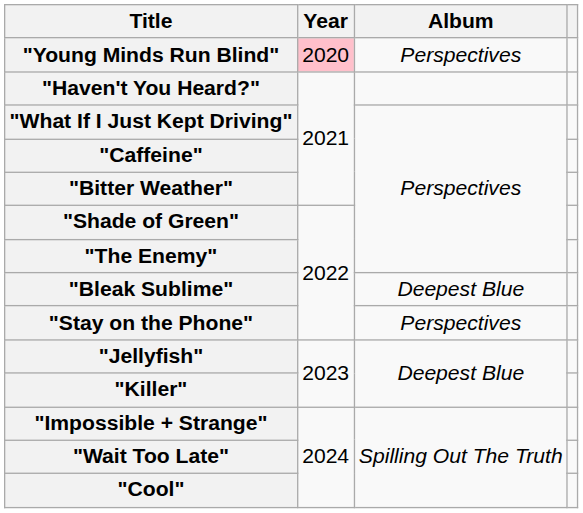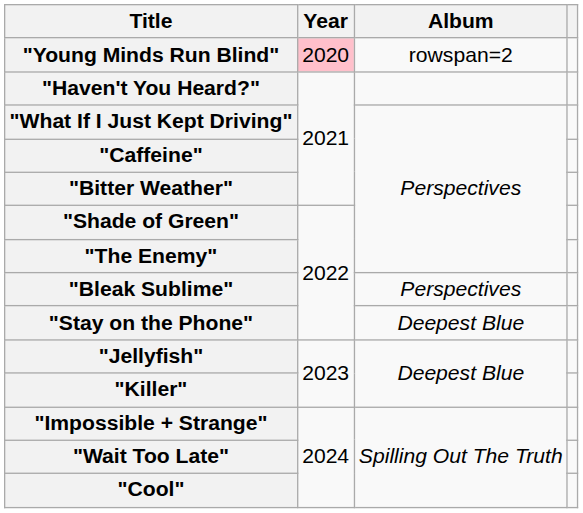 <table class="wikitable plainrowheaders" style="text-align:center;">
 <tr>
 <th scope="col">Title</th>
 <th scope="col">Year</th>
 <th scope="col">Album</th>
 <th></th>
 </tr>
 <tr>
 <th scope="row">"Young Minds Run Blind"</th>
 <td style="background: pink;">2020</td>
-<td><em>Perspectives</em></td>
+<td>rowspan=2 </td>
 <td></td>
 </tr>
 <tr>
 <th scope="row">"Haven't You Heard?"</th>
 <td rowspan=4>2021</td>
 <td></td>
 </tr>
 <tr>
 <th scope="row">"What If I Just Kept Driving"</th>
 <td rowspan="5"><em>Perspectives</em></td>
 <td></td>
 </tr>
 <tr>
 <th scope="row">"Caffeine"</th>
 <td></td>
 </tr>
 <tr>
 <th scope="row">"Bitter Weather"</th>
 <td></td>
 </tr>
 <tr>
 <th scope="row">"Shade of Green"</th>
 <td rowspan="4">2022</td>
 <td></td>
 </tr>
 <tr>
 <th scope="row">"The Enemy"</th>
 <td></td>
 </tr>
 <tr>
 <th scope="row">"Bleak Sublime"</th>
-<td><em>Deepest Blue</em></td>
+<td><em>Perspectives</em></td>
 <td></td>
 </tr>
 <tr>
 <th scope="row">"Stay on the Phone"</th>
-<td><em>Perspectives</em></td>
+<td><em>Deepest Blue</em></td>
 <td></td>
 </tr>
 <tr>
 <th scope="row">"Jellyfish"</th>
 <td rowspan="2">2023</td>
 <td rowspan="2"><em>Deepest Blue</em></td>
 <td></td>
 </tr>
 <tr>
 <th scope="row">"Killer"</th>
 <td></td>
 </tr>
 <tr>
 <th scope="row">"Impossible + Strange"</th>
 <td rowspan="3">2024</td>
 <td rowspan="3"><em>Spilling Out The Truth</em></td>
 <td></td>
 </tr>
 <tr>
 <th scope="row">"Wait Too Late"</th>
 <td></td>
 </tr>
 <tr>
 <th scope="row">"Cool"</th>
 <td></td>
 </tr>
 </table>
